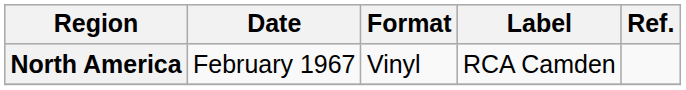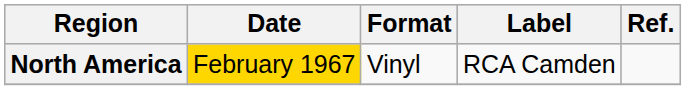 <table class="wikitable plainrowheaders">
 <tr>
 <th scope="col">Region</th>
 <th scope="col">Date</th>
 <th scope="col">Format</th>
 <th scope="col">Label</th>
 <th scope="col">Ref.</th>
 </tr>
 <tr>
 <th scope="row">North America</th>
-<td>February 1967</td>
+<td style="background: gold;">February 1967</td>
 <td>Vinyl</td>
 <td>RCA Camden</td>
 <td></td>
 </tr>
 <tr>
 </tr>
 </table>
